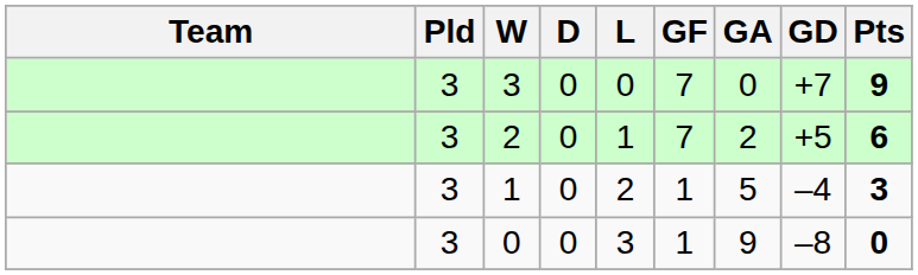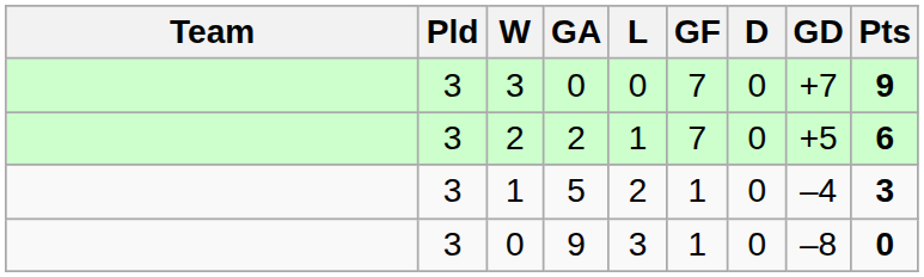 <table class="wikitable" style="text-align:center;">
 <tr>
 <th width=190>Team</th>
 <th width=20>Pld</th>
 <th width=20>W</th>
-<th width=20>D</th>
+<th width=20>GA</th>
 <th width=20>L</th>
 <th width=20>GF</th>
-<th width=20>GA</th>
+<th width=20>D</th>
 <th width=20>GD</th>
 <th width=20>Pts</th>
 </tr>
 <tr bgcolor=#ccffcc>
 <td align="left"></td>
 <td>3</td>
 <td>3</td>
 <td>0</td>
 <td>0</td>
 <td>7</td>
 <td>0</td>
 <td>+7</td>
 <td><strong>9</strong></td>
 </tr>
 <tr bgcolor=#ccffcc>
 <td align="left"></td>
 <td>3</td>
 <td>2</td>
-<td>0</td>
+<td>2</td>
 <td>1</td>
 <td>7</td>
-<td>2</td>
+<td>0</td>
 <td>+5</td>
 <td><strong>6</strong></td>
 </tr>
 <tr>
 <td align="left"><em></em></td>
 <td>3</td>
 <td>1</td>
-<td>0</td>
+<td>5</td>
 <td>2</td>
 <td>1</td>
-<td>5</td>
+<td>0</td>
 <td>–4</td>
 <td><strong>3</strong></td>
 </tr>
 <tr>
 <td align="left"></td>
 <td>3</td>
 <td>0</td>
-<td>0</td>
+<td>9</td>
 <td>3</td>
 <td>1</td>
-<td>9</td>
+<td>0</td>
 <td>–8</td>
 <td><strong>0</strong></td>
 </tr>
 </table>
